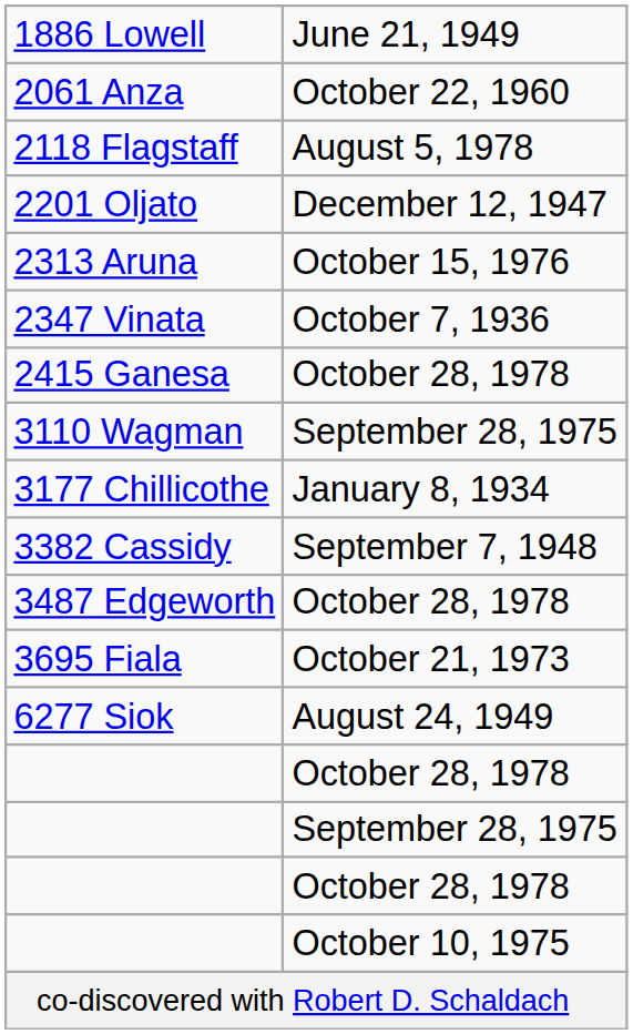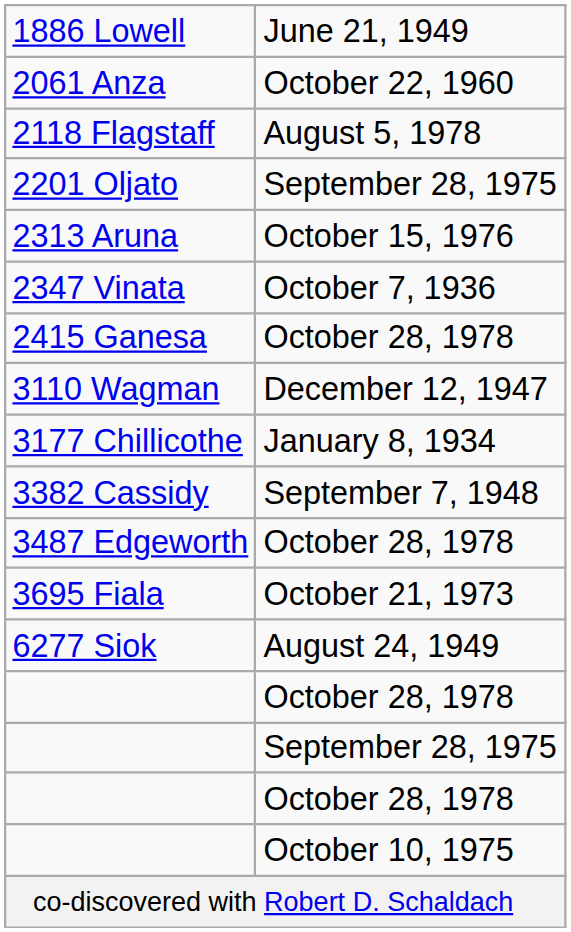 <table class="wikitable" align="right" style="margin: 1em; margin-top: 0; font-size: 0.9em;">
 <tr>
 <td><a href='#'>1886 Lowell</a></td>
 <td>June 21, 1949</td>
 </tr>
 <tr>
 <td><a href='#'>2061 Anza</a></td>
 <td>October 22, 1960</td>
 </tr>
 <tr>
 <td><a href='#'>2118 Flagstaff</a></td>
 <td>August 5, 1978</td>
 </tr>
 <tr>
 <td><a href='#'>2201 Oljato</a></td>
-<td>December 12, 1947</td>
+<td>September 28, 1975</td>
 </tr>
 <tr>
 <td><a href='#'>2313 Aruna</a></td>
 <td>October 15, 1976</td>
 </tr>
 <tr>
 <td><a href='#'>2347 Vinata</a></td>
 <td>October 7, 1936</td>
 </tr>
 <tr>
 <td><a href='#'>2415 Ganesa</a></td>
 <td>October 28, 1978</td>
 </tr>
 <tr>
 <td><a href='#'>3110 Wagman</a></td>
-<td>September 28, 1975</td>
+<td>December 12, 1947</td>
 </tr>
 <tr>
 <td><a href='#'>3177 Chillicothe</a></td>
 <td>January 8, 1934</td>
 </tr>
 <tr>
 <td><a href='#'>3382 Cassidy</a></td>
 <td>September 7, 1948</td>
 </tr>
 <tr>
 <td><a href='#'>3487 Edgeworth</a></td>
 <td>October 28, 1978</td>
 </tr>
 <tr>
 <td><a href='#'>3695 Fiala</a></td>
 <td>October 21, 1973</td>
 </tr>
 <tr>
 <td><a href='#'>6277 Siok</a> </td>
 <td>August 24, 1949</td>
 </tr>
 <tr>
 <td></td>
 <td>October 28, 1978</td>
 </tr>
 <tr>
 <td></td>
 <td>September 28, 1975</td>
 </tr>
 <tr>
 <td></td>
 <td>October 28, 1978</td>
 </tr>
 <tr>
 <td></td>
 <td>October 10, 1975</td>
 </tr>
 <tr>
 <th colspan=2 style="font-size: smaller; font-weight: normal; text-align: left; padding: 4px 12px;"> co-discovered with <a href='#'>Robert D. Schaldach</a></th>
 </tr>
 </table>
